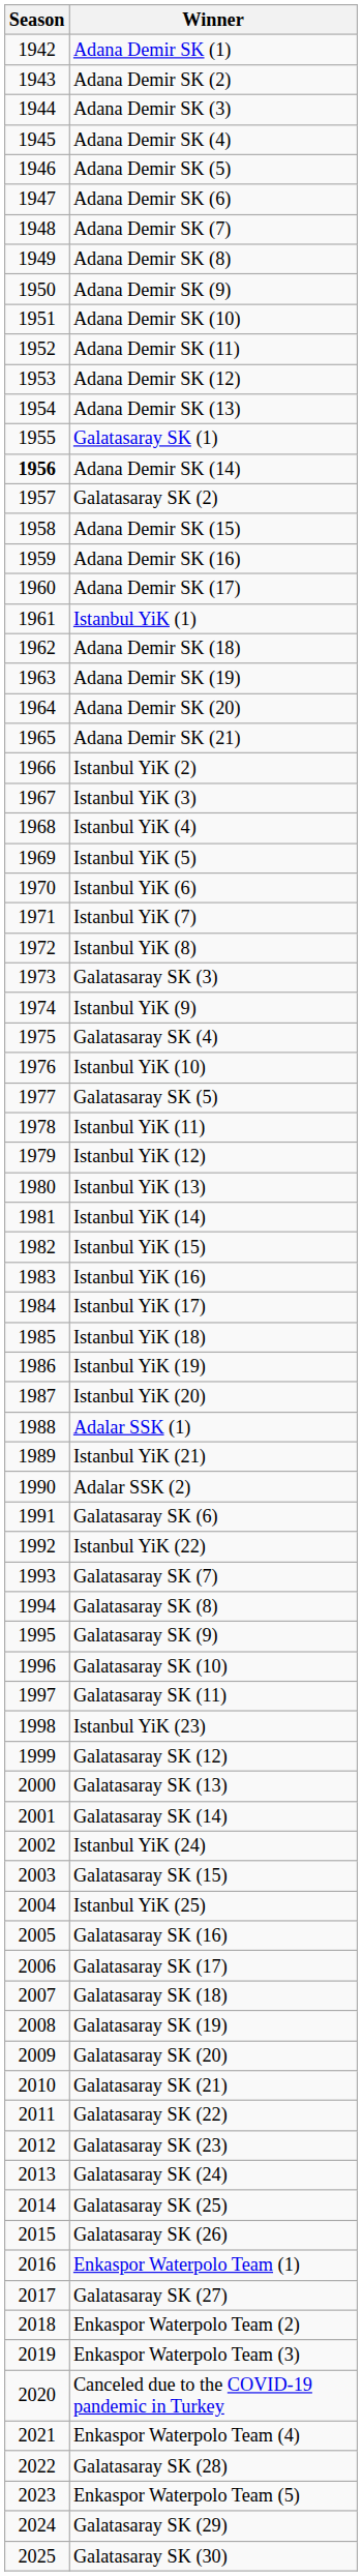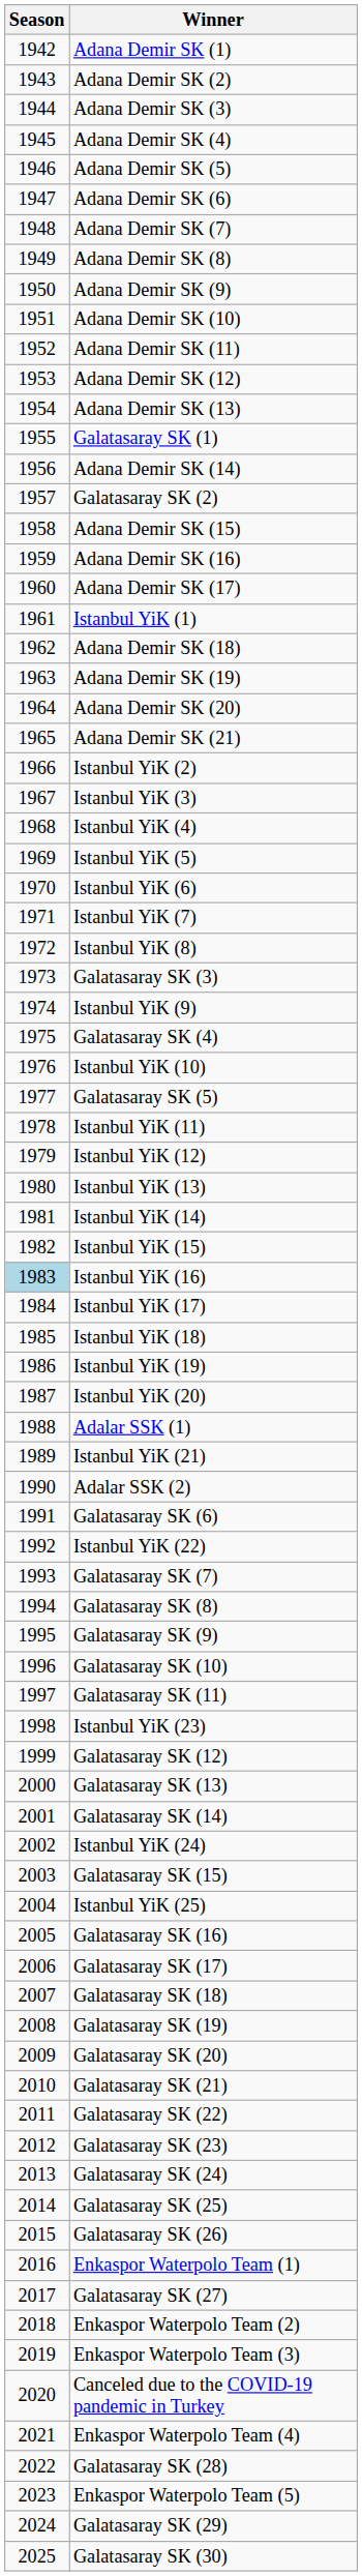 <table class="wikitable" style="width:300px;">
 <tr>
 <th>Season</th>
 <th>Winner</th>
 </tr>
 <tr>
 <td align=center>1942</td>
 <td><a href='#'>Adana Demir SK</a> (1)</td>
 </tr>
 <tr>
 <td align=center>1943</td>
 <td>Adana Demir SK (2)</td>
 </tr>
 <tr>
 <td align=center>1944</td>
 <td>Adana Demir SK (3)</td>
 </tr>
 <tr>
 <td align=center>1945</td>
 <td>Adana Demir SK (4)</td>
 </tr>
 <tr>
 <td align=center>1946</td>
 <td>Adana Demir SK (5)</td>
 </tr>
 <tr>
 <td align=center>1947</td>
 <td>Adana Demir SK (6)</td>
 </tr>
 <tr>
 <td align=center>1948</td>
 <td>Adana Demir SK (7)</td>
 </tr>
 <tr>
 <td align=center>1949</td>
 <td>Adana Demir SK (8)</td>
 </tr>
 <tr>
 <td align=center>1950</td>
 <td>Adana Demir SK (9)</td>
 </tr>
 <tr>
 <td align=center>1951</td>
 <td>Adana Demir SK (10)</td>
 </tr>
 <tr>
 <td align=center>1952</td>
 <td>Adana Demir SK (11)</td>
 </tr>
 <tr>
 <td align=center>1953</td>
 <td>Adana Demir SK (12)</td>
 </tr>
 <tr>
 <td align=center>1954</td>
 <td>Adana Demir SK (13)</td>
 </tr>
 <tr>
 <td align=center>1955</td>
 <td><a href='#'>Galatasaray SK</a> (1)</td>
 </tr>
 <tr>
-<td align=center><strong>1956</strong></td>
+<td align=center>1956</td>
 <td>Adana Demir SK (14)</td>
 </tr>
 <tr>
 <td align=center>1957</td>
 <td>Galatasaray SK (2)</td>
 </tr>
 <tr>
 <td align=center>1958</td>
 <td>Adana Demir SK (15)</td>
 </tr>
 <tr>
 <td align=center>1959</td>
 <td>Adana Demir SK (16)</td>
 </tr>
 <tr>
 <td align=center>1960</td>
 <td>Adana Demir SK (17)</td>
 </tr>
 <tr>
 <td align=center>1961</td>
 <td><a href='#'>Istanbul YiK</a> (1)</td>
 </tr>
 <tr>
 <td align=center>1962</td>
 <td>Adana Demir SK (18)</td>
 </tr>
 <tr>
 <td align=center>1963</td>
 <td>Adana Demir SK (19)</td>
 </tr>
 <tr>
 <td align=center>1964</td>
 <td>Adana Demir SK (20)</td>
 </tr>
 <tr>
 <td align=center>1965</td>
 <td>Adana Demir SK (21)</td>
 </tr>
 <tr>
 <td align=center>1966</td>
 <td>Istanbul YiK  (2)</td>
 </tr>
 <tr>
 <td align=center>1967</td>
 <td>Istanbul YiK  (3)</td>
 </tr>
 <tr>
 <td align=center>1968</td>
 <td>Istanbul YiK  (4)</td>
 </tr>
 <tr>
 <td align=center>1969</td>
 <td>Istanbul YiK  (5)</td>
 </tr>
 <tr>
 <td align=center>1970</td>
 <td>Istanbul YiK  (6)</td>
 </tr>
 <tr>
 <td align=center>1971</td>
 <td>Istanbul YiK  (7)</td>
 </tr>
 <tr>
 <td align=center>1972</td>
 <td>Istanbul YiK  (8)</td>
 </tr>
 <tr>
 <td align=center>1973</td>
 <td>Galatasaray SK (3)</td>
 </tr>
 <tr>
 <td align=center>1974</td>
 <td>Istanbul YiK (9)</td>
 </tr>
 <tr>
 <td align=center>1975</td>
 <td>Galatasaray SK (4)</td>
 </tr>
 <tr>
 <td align=center>1976</td>
 <td>Istanbul YiK (10)</td>
 </tr>
 <tr>
 <td align=center>1977</td>
 <td>Galatasaray SK (5)</td>
 </tr>
 <tr>
 <td align=center>1978</td>
 <td>Istanbul YiK (11)</td>
 </tr>
 <tr>
 <td align=center>1979</td>
 <td>Istanbul YiK (12)</td>
 </tr>
 <tr>
 <td align=center>1980</td>
 <td>Istanbul YiK (13)</td>
 </tr>
 <tr>
 <td align=center>1981</td>
 <td>Istanbul YiK (14)</td>
 </tr>
 <tr>
 <td align=center>1982</td>
 <td>Istanbul YiK (15)</td>
 </tr>
 <tr>
-<td align=center>1983</td>
+<td align=center style="background: lightblue;">1983</td>
 <td>Istanbul YiK (16)</td>
 </tr>
 <tr>
 <td align=center>1984</td>
 <td>Istanbul YiK (17)</td>
 </tr>
 <tr>
 <td align=center>1985</td>
 <td>Istanbul YiK (18)</td>
 </tr>
 <tr>
 <td align=center>1986</td>
 <td>Istanbul YiK (19)</td>
 </tr>
 <tr>
 <td align=center>1987</td>
 <td>Istanbul YiK (20)</td>
 </tr>
 <tr>
 <td align=center>1988</td>
 <td><a href='#'>Adalar SSK</a> (1)</td>
 </tr>
 <tr>
 <td align=center>1989</td>
 <td>Istanbul YiK (21)</td>
 </tr>
 <tr>
 <td align=center>1990</td>
 <td>Adalar SSK (2)</td>
 </tr>
 <tr>
 <td align=center>1991</td>
 <td>Galatasaray SK (6)</td>
 </tr>
 <tr>
 <td align=center>1992</td>
 <td>Istanbul YiK (22)</td>
 </tr>
 <tr>
 <td align=center>1993</td>
 <td>Galatasaray SK (7)</td>
 </tr>
 <tr>
 <td align=center>1994</td>
 <td>Galatasaray SK (8)</td>
 </tr>
 <tr>
 <td align=center>1995</td>
 <td>Galatasaray SK (9)</td>
 </tr>
 <tr>
 <td align=center>1996</td>
 <td>Galatasaray SK (10)</td>
 </tr>
 <tr>
 <td align=center>1997</td>
 <td>Galatasaray SK (11)</td>
 </tr>
 <tr>
 <td align=center>1998</td>
 <td>Istanbul YiK (23)</td>
 </tr>
 <tr>
 <td align=center>1999</td>
 <td>Galatasaray SK (12)</td>
 </tr>
 <tr>
 <td align=center>2000</td>
 <td>Galatasaray SK (13)</td>
 </tr>
 <tr>
 <td align=center>2001</td>
 <td>Galatasaray SK (14)</td>
 </tr>
 <tr>
 <td align=center>2002</td>
 <td>Istanbul YiK (24)</td>
 </tr>
 <tr>
 <td align=center>2003</td>
 <td>Galatasaray SK (15)</td>
 </tr>
 <tr>
 <td align=center>2004</td>
 <td>Istanbul YiK (25)</td>
 </tr>
 <tr>
 <td align=center>2005</td>
 <td>Galatasaray SK (16)</td>
 </tr>
 <tr>
 <td align=center>2006</td>
 <td>Galatasaray SK (17)</td>
 </tr>
 <tr>
 <td align=center>2007</td>
 <td>Galatasaray SK (18)</td>
 </tr>
 <tr>
 <td align=center>2008</td>
 <td>Galatasaray SK (19)</td>
 </tr>
 <tr>
 <td align=center>2009</td>
 <td>Galatasaray SK (20)</td>
 </tr>
 <tr>
 <td align=center>2010</td>
 <td>Galatasaray SK (21)</td>
 </tr>
 <tr>
 <td align=center>2011</td>
 <td>Galatasaray SK (22)</td>
 </tr>
 <tr>
 <td align=center>2012</td>
 <td>Galatasaray SK (23)</td>
 </tr>
 <tr>
 <td align=center>2013</td>
 <td>Galatasaray SK (24)</td>
 </tr>
 <tr>
 <td align=center>2014</td>
 <td>Galatasaray SK (25)</td>
 </tr>
 <tr>
 <td align=center>2015</td>
 <td>Galatasaray SK (26)</td>
 </tr>
 <tr>
 <td align=center>2016</td>
 <td><a href='#'>Enkaspor Waterpolo Team</a> (1)</td>
 </tr>
 <tr>
 <td align=center>2017</td>
 <td>Galatasaray SK (27)</td>
 </tr>
 <tr>
 <td align=center>2018</td>
 <td>Enkaspor Waterpolo Team (2)</td>
 </tr>
 <tr>
 <td align=center>2019</td>
 <td>Enkaspor Waterpolo Team (3)</td>
 </tr>
 <tr>
 <td align=center>2020</td>
 <td>Canceled due to the <a href='#'>COVID-19 pandemic in Turkey</a></td>
 </tr>
 <tr>
 <td align=center>2021</td>
 <td>Enkaspor Waterpolo Team (4)</td>
 </tr>
 <tr>
 <td align=center>2022</td>
 <td>Galatasaray SK (28)</td>
 </tr>
 <tr>
 <td align="center">2023</td>
 <td>Enkaspor Waterpolo Team (5)</td>
 </tr>
 <tr>
 <td align="center">2024</td>
 <td>Galatasaray SK (29)</td>
 </tr>
 <tr>
 <td align="center">2025</td>
 <td>Galatasaray SK (30)</td>
 </tr>
 </table>
